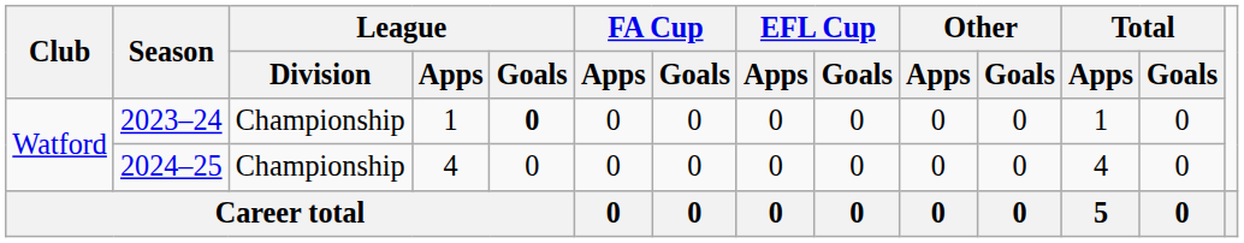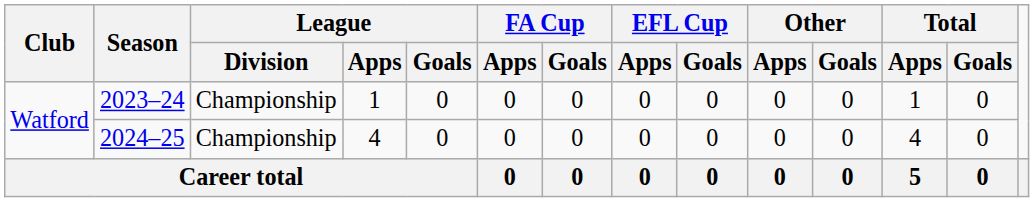 <table class=wikitable style=text-align:center>
 <tr>
 <th rowspan="2">Club</th>
 <th rowspan="2">Season</th>
 <th colspan="3">League</th>
 <th colspan="2"><a href='#'>FA Cup</a></th>
 <th colspan="2"><a href='#'>EFL Cup</a></th>
 <th colspan="2">Other</th>
 <th colspan="2">Total</th>
 </tr>
 <tr>
 <th>Division</th>
 <th>Apps</th>
 <th>Goals</th>
 <th>Apps</th>
 <th>Goals</th>
 <th>Apps</th>
 <th>Goals</th>
 <th>Apps</th>
 <th>Goals</th>
 <th>Apps</th>
 <th>Goals</th>
 </tr>
 <tr>
 <td rowspan="2"><a href='#'>Watford</a></td>
 <td><a href='#'>2023–24</a></td>
 <td>Championship</td>
 <td>1</td>
-<td><strong>0</strong></td>
+<td>0</td>
 <td>0</td>
 <td>0</td>
 <td>0</td>
 <td>0</td>
 <td>0</td>
 <td>0</td>
 <td>1</td>
 <td>0</td>
 </tr>
 <tr>
 <td><a href='#'>2024–25</a></td>
 <td>Championship</td>
 <td>4</td>
 <td>0</td>
 <td>0</td>
 <td>0</td>
 <td>0</td>
 <td>0</td>
 <td>0</td>
 <td>0</td>
 <td>4</td>
 <td>0</td>
 </tr>
 <tr>
 <th colspan="5">Career total</th>
 <th>0</th>
 <th>0</th>
 <th>0</th>
 <th>0</th>
 <th>0</th>
 <th>0</th>
 <th>5</th>
 <th>0</th>
 <th></th>
 </tr>
 </table>
